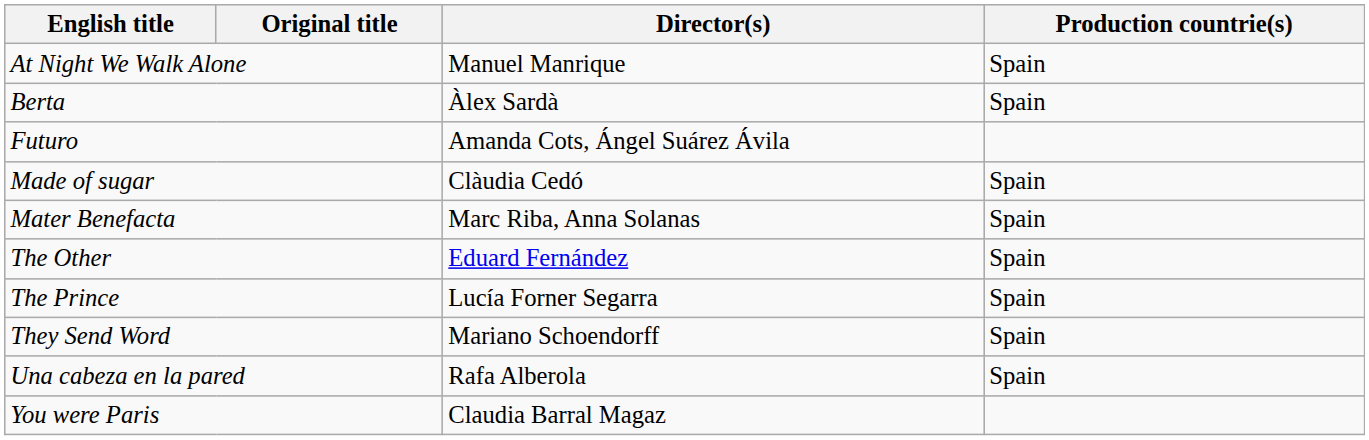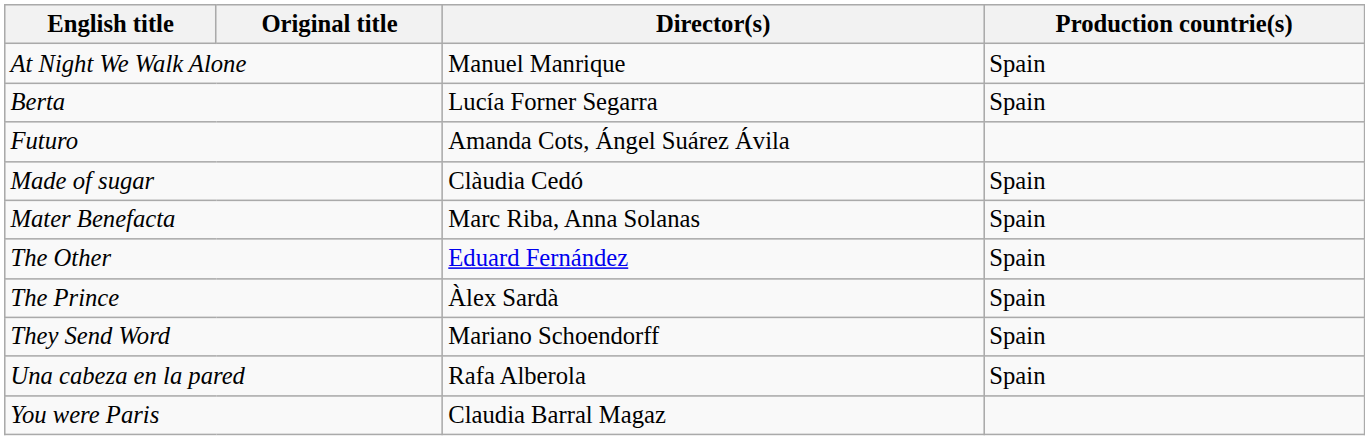 <table class="sortable wikitable" style="width:100%; margin-bottom:4px" cellpadding="5">
 <tr>
 <th scope="col">English title</th>
 <th scope="col">Original title</th>
 <th scope="col">Director(s)</th>
 <th scope="col">Production countrie(s)</th>
 </tr>
 <tr>
 <td colspan = "2"><em>At Night We Walk Alone</em></td>
 <td>Manuel Manrique</td>
 <td>Spain</td>
 </tr>
 <tr>
 <td colspan = "2"><em>Berta</em></td>
-<td>Àlex Sardà</td>
+<td>Lucía Forner Segarra</td>
 <td>Spain</td>
 </tr>
 <tr>
 <td colspan = "2"><em>Futuro</em></td>
 <td>Amanda Cots, Ángel Suárez Ávila</td>
 <td></td>
 </tr>
 <tr>
 <td colspan = "2"><em>Made of sugar</em></td>
 <td>Clàudia Cedó</td>
 <td>Spain</td>
 </tr>
 <tr>
 <td colspan = "2"><em>Mater Benefacta</em></td>
 <td>Marc Riba, Anna Solanas</td>
 <td>Spain</td>
 </tr>
 <tr>
 <td colspan = "2"><em>The Other</em></td>
 <td><a href='#'>Eduard Fernández</a></td>
 <td>Spain</td>
 </tr>
 <tr>
 <td colspan = "2"><em>The Prince</em></td>
-<td>Lucía Forner Segarra</td>
+<td>Àlex Sardà</td>
 <td>Spain</td>
 </tr>
 <tr>
 <td colspan = "2"><em>They Send Word</em></td>
 <td>Mariano Schoendorff</td>
 <td>Spain</td>
 </tr>
 <tr>
 <td colspan = "2"><em>Una cabeza en la pared</em></td>
 <td>Rafa Alberola</td>
 <td>Spain</td>
 </tr>
 <tr>
 <td colspan = "2"><em>You were Paris</em></td>
 <td>Claudia Barral Magaz</td>
 <td></td>
 </tr>
 </table>
